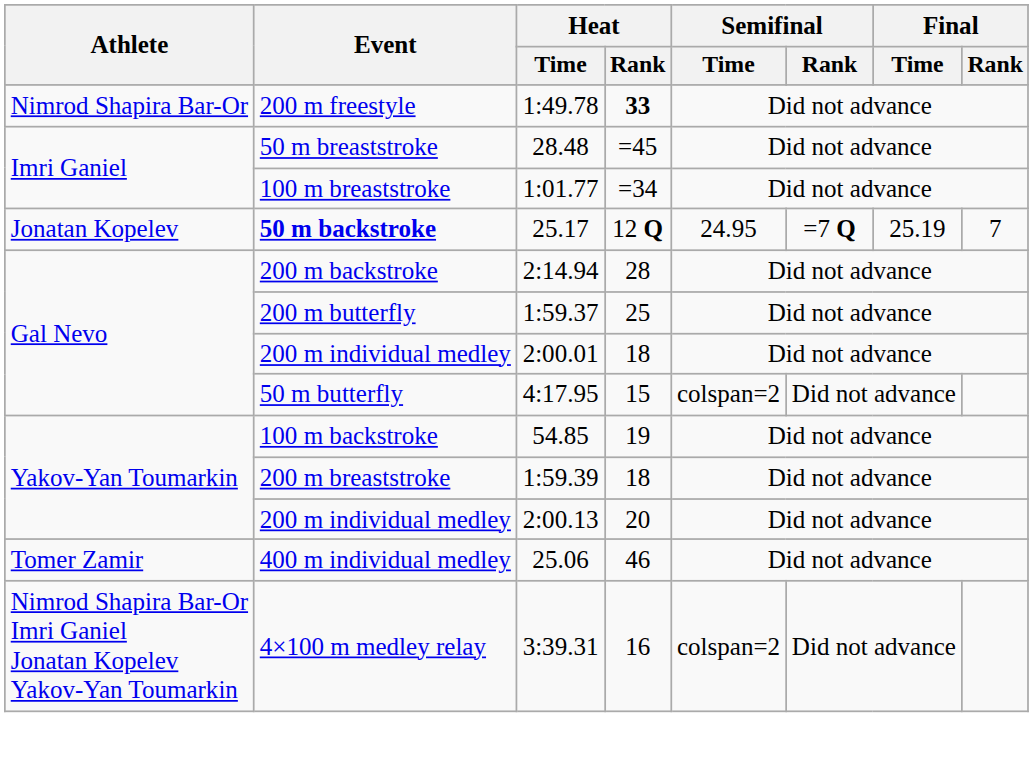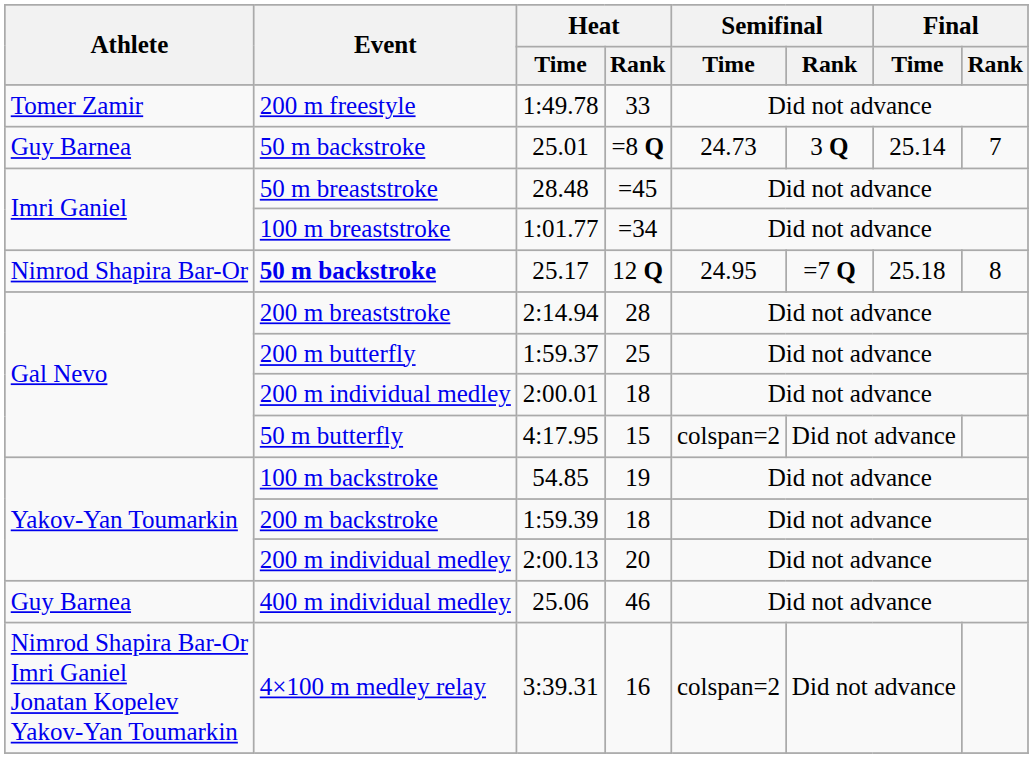 <table class=wikitable style="font-size:90%">
 <tr>
 <th rowspan="2">Athlete</th>
 <th rowspan="2">Event</th>
 <th colspan="2">Heat</th>
 <th colspan="2">Semifinal</th>
 <th colspan="2">Final</th>
 </tr>
 <tr style="font-size:95%">
 <th>Time</th>
 <th>Rank</th>
 <th>Time</th>
 <th>Rank</th>
 <th>Time</th>
 <th>Rank</th>
 </tr>
 <tr align=center>
-<td align=left><a href='#'>Nimrod Shapira Bar-Or</a></td>
+<td align=left><a href='#'>Tomer Zamir</a></td>
 <td align=left><a href='#'>200 m freestyle</a></td>
 <td>1:49.78</td>
-<td><strong>33</strong></td>
+<td>33</td>
 <td colspan=4>Did not advance</td>
+</tr>
+<tr align=center>
+<td align=left><a href='#'>Guy Barnea</a></td>
+<td align=left><a href='#'>50 m backstroke</a></td>
+<td>25.01</td>
+<td>=8 <strong>Q</strong></td>
+<td>24.73</td>
+<td>3 <strong>Q</strong></td>
+<td>25.14</td>
+<td>7</td>
 </tr>
 <tr align=center>
 <td align=left rowspan=2><a href='#'>Imri Ganiel</a></td>
 <td align=left><a href='#'>50 m breaststroke</a></td>
 <td>28.48</td>
 <td>=45</td>
 <td colspan=4>Did not advance</td>
 </tr>
 <tr align=center>
 <td align=left><a href='#'>100 m breaststroke</a></td>
 <td>1:01.77</td>
 <td>=34</td>
 <td colspan=4>Did not advance</td>
 </tr>
 <tr align=center>
-<td align=left><a href='#'>Jonatan Kopelev</a></td>
+<td align=left><a href='#'>Nimrod Shapira Bar-Or</a></td>
 <td align=left><strong><a href='#'>50 m backstroke</a></strong></td>
 <td>25.17</td>
 <td>12 <strong>Q</strong></td>
 <td>24.95</td>
 <td>=7 <strong>Q</strong></td>
-<td>25.19</td>
-<td>7</td>
+<td>25.18</td>
+<td>8</td>
 </tr>
 <tr align=center>
 <td align=left rowspan=4><a href='#'>Gal Nevo</a></td>
-<td align=left><a href='#'>200 m backstroke</a></td>
+<td align=left><a href='#'>200 m breaststroke</a></td>
 <td>2:14.94</td>
 <td>28</td>
 <td colspan=4>Did not advance</td>
 </tr>
 <tr align=center>
 <td align=left><a href='#'>200 m butterfly</a></td>
 <td>1:59.37</td>
 <td>25</td>
 <td colspan=4>Did not advance</td>
 </tr>
 <tr align=center>
 <td align=left><a href='#'>200 m individual medley</a></td>
 <td>2:00.01</td>
 <td>18</td>
 <td colspan=4>Did not advance</td>
 </tr>
 <tr align=center>
 <td align=left><a href='#'>50 m butterfly</a></td>
 <td>4:17.95</td>
 <td>15</td>
 <td>colspan=2 </td>
 <td colspan=2>Did not advance</td>
 </tr>
 <tr align=center>
 <td align=left rowspan=3><a href='#'>Yakov-Yan Toumarkin</a></td>
 <td align=left><a href='#'>100 m backstroke</a></td>
 <td>54.85</td>
 <td>19</td>
 <td colspan=4>Did not advance</td>
 </tr>
 <tr align=center>
-<td align=left><a href='#'>200 m breaststroke</a></td>
+<td align=left><a href='#'>200 m backstroke</a></td>
 <td>1:59.39</td>
 <td>18</td>
 <td colspan=4>Did not advance</td>
 </tr>
 <tr align=center>
 <td align=left><a href='#'>200 m individual medley</a></td>
 <td>2:00.13</td>
 <td>20</td>
 <td colspan=4>Did not advance</td>
 </tr>
 <tr align=center>
-<td align=left><a href='#'>Tomer Zamir</a></td>
+<td align=left><a href='#'>Guy Barnea</a></td>
 <td align=left><a href='#'>400 m individual medley</a></td>
 <td>25.06</td>
 <td>46</td>
 <td colspan=4>Did not advance</td>
 </tr>
 <tr align=center>
 <td align=left><a href='#'>Nimrod Shapira Bar-Or</a><br><a href='#'>Imri Ganiel</a><br><a href='#'>Jonatan Kopelev</a><br><a href='#'>Yakov-Yan Toumarkin</a></td>
 <td align=left><a href='#'>4×100 m medley relay</a></td>
 <td>3:39.31</td>
 <td>16</td>
 <td>colspan=2 </td>
 <td colspan=2>Did not advance</td>
 </tr>
 </table>
